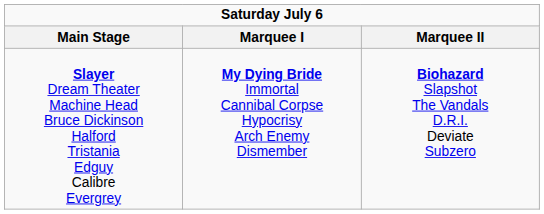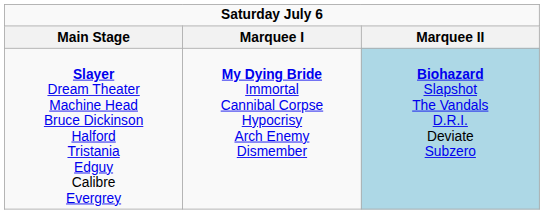 <table class="wikitable">
 <tr>
 <td colspan="3" style="text-align:center;"><strong>Saturday July 6</strong></td>
 </tr>
 <tr>
 <th>Main Stage</th>
 <th>Marquee I</th>
 <th>Marquee II</th>
 </tr>
 <tr>
 <td style="text-align:center; vertical-align:top; width:200px;"><br><strong><a href='#'>Slayer</a></strong> <br><a href='#'>Dream Theater</a> <br><a href='#'>Machine Head</a> <br><a href='#'>Bruce Dickinson</a> <br><a href='#'>Halford</a> <br><a href='#'>Tristania</a>  <br><a href='#'>Edguy</a> <br>Calibre <br><a href='#'>Evergrey</a></td>
 <td style="text-align:center; vertical-align:top; width:200px;"><br><strong><a href='#'>My Dying Bride</a></strong> <br><a href='#'>Immortal</a> <br><a href='#'>Cannibal Corpse</a> <br><a href='#'>Hypocrisy</a> <br><a href='#'>Arch Enemy</a> <br><a href='#'>Dismember</a></td>
-<td style="text-align:center; vertical-align:top; width:200px;"><br><strong><a href='#'>Biohazard</a></strong> <br><a href='#'>Slapshot</a> <br><a href='#'>The Vandals</a> <br><a href='#'>D.R.I.</a> <br>Deviate <br><a href='#'>Subzero</a></td>
+<td style="background: lightblue; text-align:center; vertical-align:top; width:200px;"><br><strong><a href='#'>Biohazard</a></strong> <br><a href='#'>Slapshot</a> <br><a href='#'>The Vandals</a> <br><a href='#'>D.R.I.</a> <br>Deviate <br><a href='#'>Subzero</a></td>
 </tr>
 </table>
